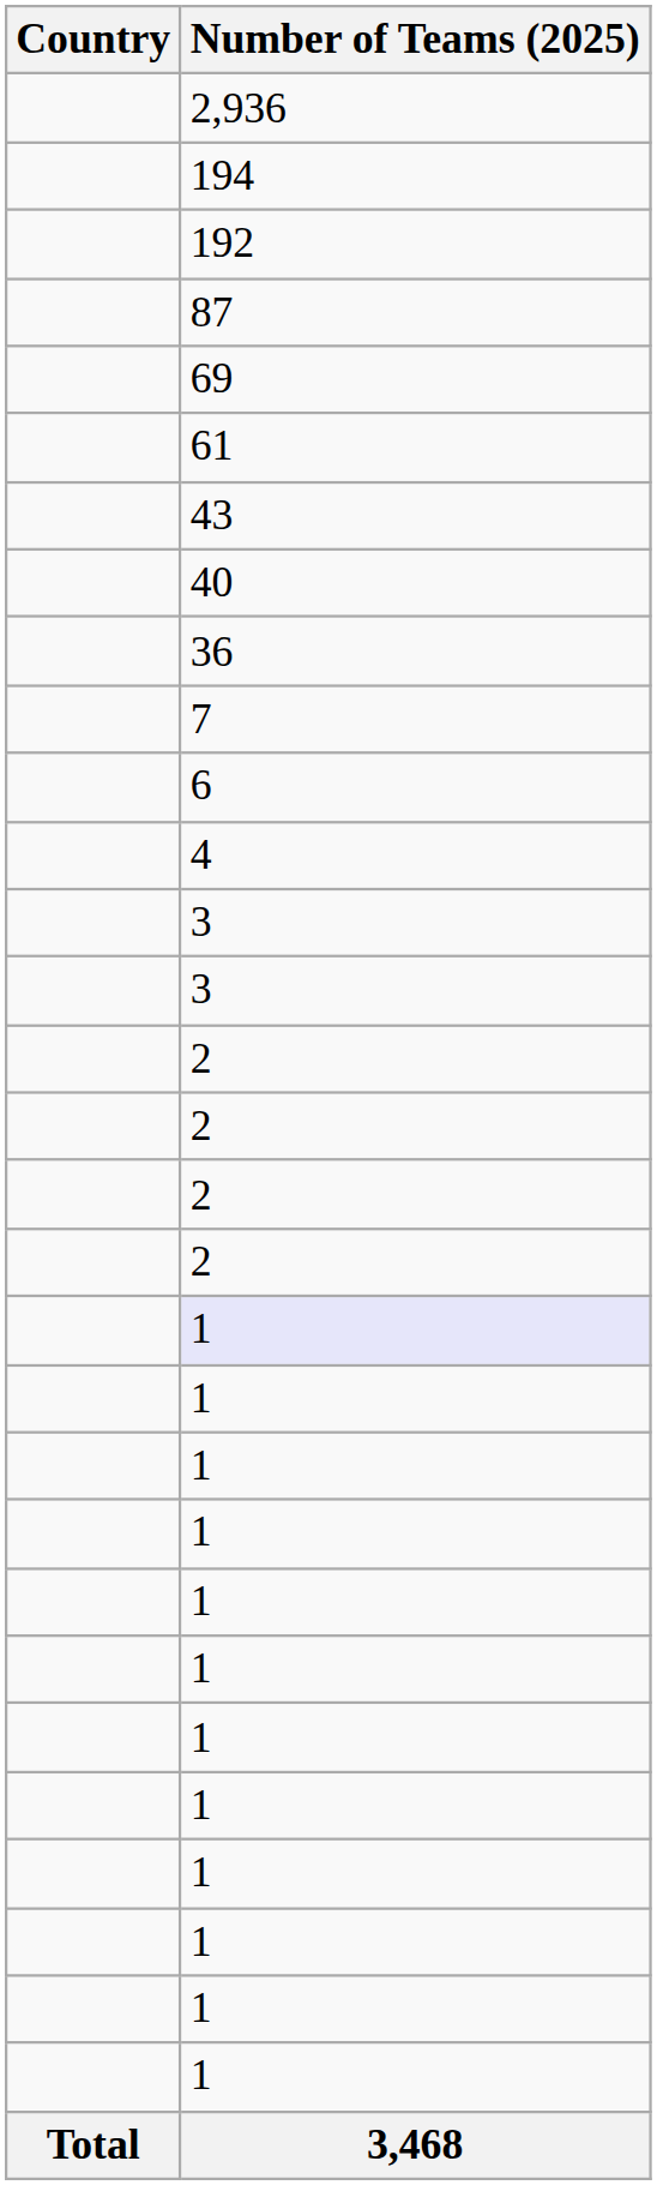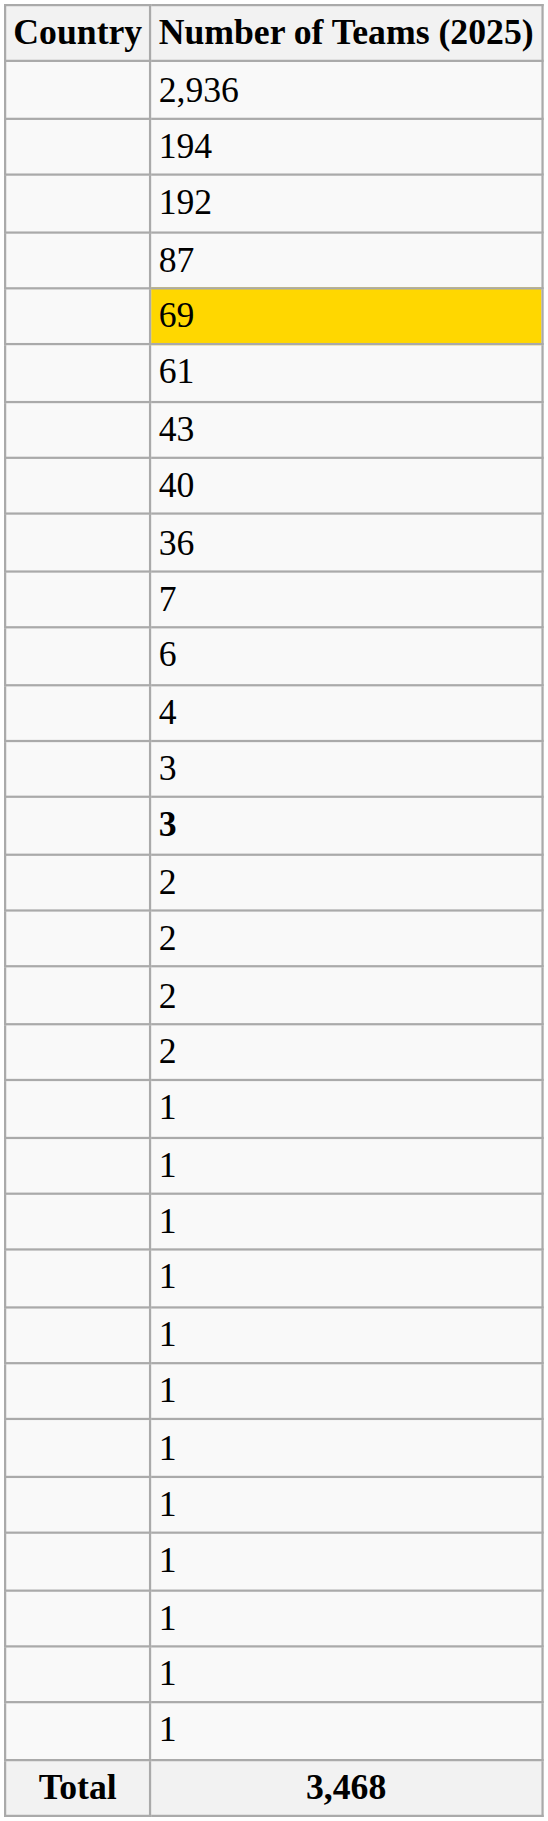 <table class="wikitable sortable">
 <tr>
 <th>Country</th>
 <th>Number of Teams (2025)</th>
 </tr>
 <tr>
 <td></td>
 <td>2,936</td>
 </tr>
 <tr>
 <td></td>
 <td>194</td>
 </tr>
 <tr>
 <td></td>
 <td>192</td>
 </tr>
 <tr>
 <td></td>
 <td>87</td>
 </tr>
 <tr>
 <td></td>
-<td>69</td>
+<td style="background: gold;">69</td>
 </tr>
 <tr>
 <td></td>
 <td>61</td>
 </tr>
 <tr>
 <td></td>
 <td>43</td>
 </tr>
 <tr>
 <td></td>
 <td>40</td>
 </tr>
 <tr>
 <td></td>
 <td>36</td>
 </tr>
 <tr>
 <td></td>
 <td>7</td>
 </tr>
 <tr>
 <td></td>
 <td>6</td>
 </tr>
 <tr>
 <td></td>
 <td>4</td>
 </tr>
 <tr>
 <td></td>
 <td>3</td>
 </tr>
 <tr>
 <td></td>
-<td>3</td>
+<td><strong>3</strong></td>
 </tr>
 <tr>
 <td></td>
 <td>2</td>
 </tr>
 <tr>
 <td></td>
 <td>2</td>
 </tr>
 <tr>
 <td></td>
 <td>2</td>
 </tr>
 <tr>
 <td></td>
 <td>2</td>
 </tr>
 <tr>
 <td></td>
-<td style="background: lavender;">1</td>
+<td>1</td>
 </tr>
 <tr>
 <td></td>
 <td>1</td>
 </tr>
 <tr>
 <td></td>
 <td>1</td>
 </tr>
 <tr>
 <td></td>
 <td>1</td>
 </tr>
 <tr>
 <td></td>
 <td>1</td>
 </tr>
 <tr>
 <td></td>
 <td>1</td>
 </tr>
 <tr>
 <td></td>
 <td>1</td>
 </tr>
 <tr>
 <td></td>
 <td>1</td>
 </tr>
 <tr>
 <td></td>
 <td>1</td>
 </tr>
 <tr>
 <td></td>
 <td>1</td>
 </tr>
 <tr>
 <td></td>
 <td>1</td>
 </tr>
 <tr>
 <td></td>
 <td>1</td>
 </tr>
 <tr>
 <th><strong>Total</strong></th>
 <th>3,468</th>
 </tr>
 </table>
